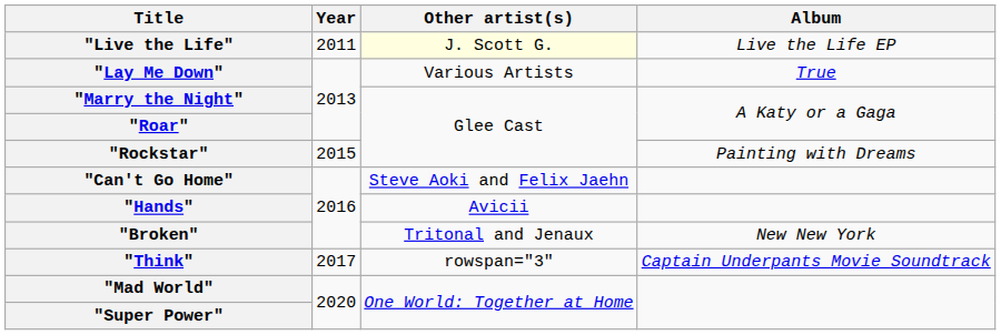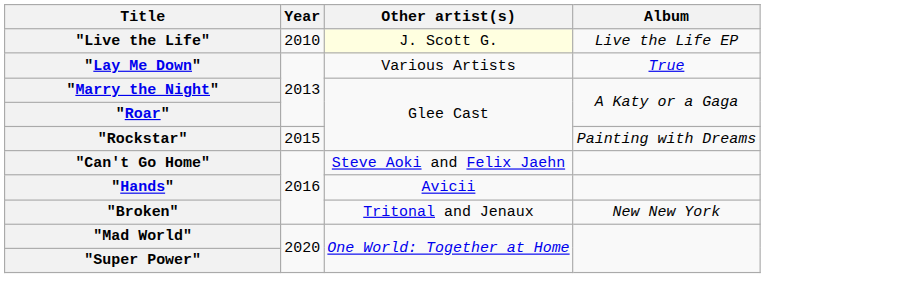 <table class="wikitable plainrowheaders" style="text-align:center;">
 <tr>
 <th scope="col" style="width:18em;">Title</th>
 <th scope="col">Year</th>
 <th scope="col">Other artist(s)</th>
 <th scope="col">Album</th>
 </tr>
 <tr>
 <th scope="row">"Live the Life"</th>
-<td>2011</td>
+<td>2010</td>
 <td style="background: lightyellow;">J. Scott G.</td>
 <td><em>Live the Life EP</em></td>
 </tr>
 <tr>
 <th scope="row">"<a href='#'>Lay Me Down</a>"</th>
 <td rowspan="3">2013</td>
 <td>Various Artists</td>
 <td><em><a href='#'>True</a></em></td>
 </tr>
 <tr>
 <th scope="row">"<a href='#'>Marry the Night</a>"</th>
 <td rowspan="3">Glee Cast</td>
 <td rowspan="2"><em>A Katy or a Gaga</em></td>
 </tr>
 <tr>
 <th scope="row">"<a href='#'>Roar</a>"</th>
 </tr>
 <tr>
 <th scope="row">"Rockstar"</th>
 <td>2015</td>
 <td><em>Painting with Dreams</em></td>
 </tr>
 <tr>
 <th scope="row">"Can't Go Home"</th>
 <td rowspan="3">2016</td>
 <td><a href='#'>Steve Aoki</a> and <a href='#'>Felix Jaehn</a></td>
 <td></td>
 </tr>
 <tr>
 <th scope="row">"<a href='#'>Hands</a>"</th>
 <td><a href='#'>Avicii</a></td>
 <td></td>
 </tr>
 <tr>
 <th scope="row">"Broken"</th>
 <td><a href='#'>Tritonal</a> and Jenaux</td>
 <td><em>New New York</em></td>
 </tr>
 <tr>
-<th scope="row">"<a href='#'>Think</a>"</th>
-<td>2017</td>
-<td>rowspan="3" </td>
-<td><em><a href='#'>Captain Underpants Movie Soundtrack</a></em></td>
-</tr>
-<tr>
 <th scope="row">"Mad World"</th>
 <td rowspan="2">2020</td>
 <td rowspan="2"><em><a href='#'>One World: Together at Home</a></em></td>
 </tr>
 <tr>
 <th scope="row">"Super Power"</th>
 </tr>
 </table>
